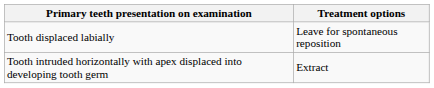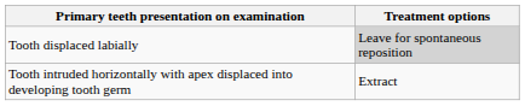 <table class="wikitable">
 <tr>
 <th>Primary teeth presentation on examination</th>
 <th>Treatment options</th>
 </tr>
 <tr>
 <td>Tooth displaced labially</td>
-<td>Leave for spontaneous reposition</td>
+<td style="background: lightgrey;">Leave for spontaneous reposition</td>
 </tr>
 <tr>
 <td>Tooth intruded horizontally with apex displaced into developing tooth germ</td>
 <td>Extract</td>
 </tr>
 </table>
